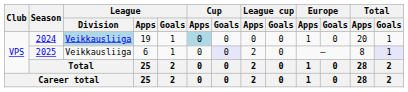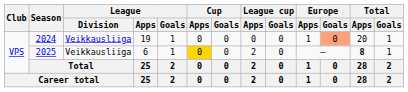 <table class="wikitable" style="text-align:center">
 <tr>
 <th rowspan="2">Club</th>
 <th rowspan="2">Season</th>
 <th colspan="3">League</th>
 <th colspan="2">Cup</th>
 <th colspan="2">League cup</th>
 <th colspan="2">Europe</th>
 <th colspan="2">Total</th>
 </tr>
 <tr>
 <th>Division</th>
 <th>Apps</th>
 <th>Goals</th>
 <th>Apps</th>
 <th>Goals</th>
 <th>Apps</th>
 <th>Goals</th>
 <th>Apps</th>
 <th>Goals</th>
 <th>Apps</th>
 <th>Goals</th>
 </tr>
 <tr>
 <td rowspan="3"><a href='#'>VPS</a></td>
 <td><a href='#'>2024</a></td>
-<td style="background: lightblue;"><a href='#'>Veikkausliiga</a></td>
+<td><a href='#'>Veikkausliiga</a></td>
 <td>19</td>
 <td>1</td>
-<td style="background: lightblue;">0</td>
+<td>0</td>
 <td>0</td>
 <td>0</td>
 <td>0</td>
 <td>1</td>
-<td>0</td>
+<td style="background: lightsalmon;">0</td>
 <td>20</td>
 <td>1</td>
 </tr>
 <tr>
 <td><a href='#'>2025</a></td>
 <td>Veikkausliiga</td>
 <td>6</td>
 <td>1</td>
+<td style="background: gold;">0</td>
 <td>0</td>
-<td style="background: lavender;">0</td>
 <td>2</td>
 <td>0</td>
 <td colspan=2>–</td>
-<td>8</td>
-<td style="background: lavender;">1</td>
+<td><strong>8</strong></td>
+<td>1</td>
 </tr>
 <tr>
 <th colspan=2>Total</th>
 <th>25</th>
 <th>2</th>
 <th>0</th>
 <th>0</th>
 <th>2</th>
 <th>0</th>
 <th>1</th>
 <th>0</th>
 <th>28</th>
 <th>2</th>
 </tr>
 <tr>
 <th colspan="3">Career total</th>
 <th>25</th>
 <th>2</th>
 <th>0</th>
 <th>0</th>
 <th>2</th>
 <th>0</th>
 <th>1</th>
 <th>0</th>
 <th>28</th>
 <th>2</th>
 </tr>
 </table>
